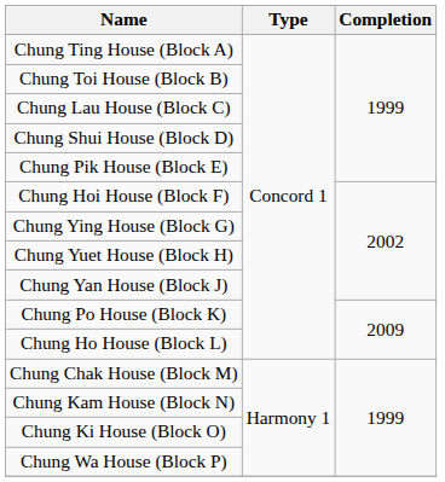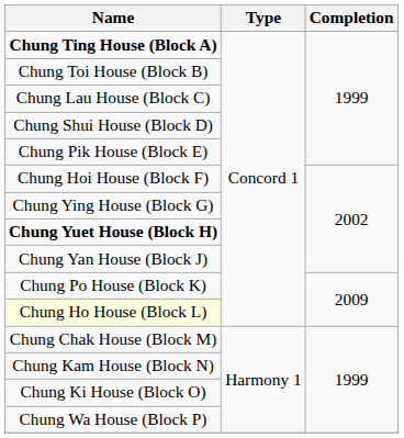 <table class="wikitable" style="text-align: center">
 <tr>
 <th>Name</th>
 <th>Type</th>
 <th>Completion</th>
 </tr>
 <tr>
-<td>Chung Ting House (Block A)</td>
+<td><strong>Chung Ting House (Block A)</strong></td>
 <td rowspan="11">Concord 1</td>
 <td rowspan="5">1999</td>
 </tr>
 <tr>
 <td>Chung Toi House (Block B)</td>
 </tr>
 <tr>
 <td>Chung Lau House (Block C)</td>
 </tr>
 <tr>
 <td>Chung Shui House (Block D)</td>
 </tr>
 <tr>
 <td>Chung Pik House (Block E)</td>
 </tr>
 <tr>
 <td>Chung Hoi House (Block F)</td>
 <td rowspan="4">2002</td>
 </tr>
 <tr>
 <td>Chung Ying House (Block G)</td>
 </tr>
 <tr>
-<td>Chung Yuet House (Block H)</td>
+<td><strong>Chung Yuet House (Block H)</strong></td>
 </tr>
 <tr>
 <td>Chung Yan House (Block J)</td>
 </tr>
 <tr>
 <td>Chung Po House (Block K)</td>
 <td rowspan="2">2009</td>
 </tr>
 <tr>
-<td>Chung Ho House (Block L)</td>
+<td style="background: lightyellow;">Chung Ho House (Block L)</td>
 </tr>
 <tr>
 <td>Chung Chak House (Block M)</td>
 <td rowspan="4">Harmony 1</td>
 <td rowspan="4">1999</td>
 </tr>
 <tr>
 <td>Chung Kam House (Block N)</td>
 </tr>
 <tr>
 <td>Chung Ki House (Block O)</td>
 </tr>
 <tr>
 <td>Chung Wa House (Block P)</td>
 </tr>
 <tr>
 </tr>
 </table>
